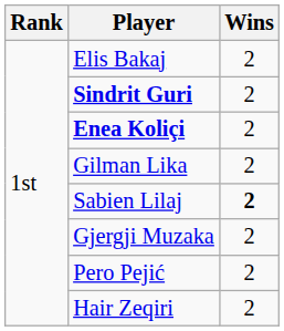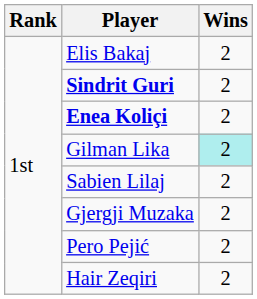 <table class="wikitable">
 <tr>
 <th>Rank</th>
 <th>Player</th>
 <th>Wins</th>
 </tr>
 <tr>
 <td rowspan=8>1st</td>
 <td><a href='#'>Elis Bakaj</a></td>
 <td style="text-align:center;">2</td>
 </tr>
 <tr>
 <td><strong><a href='#'>Sindrit Guri</a></strong></td>
 <td style="text-align:center;">2</td>
 </tr>
 <tr>
 <td><strong><a href='#'>Enea Koliçi</a></strong></td>
 <td style="text-align:center;">2</td>
 </tr>
 <tr>
 <td><a href='#'>Gilman Lika</a></td>
-<td style="text-align:center;">2</td>
+<td style="background: paleturquoise; text-align:center;">2</td>
 </tr>
 <tr>
 <td><a href='#'>Sabien Lilaj</a></td>
-<td style="text-align:center;"><strong>2</strong></td>
+<td style="text-align:center;">2</td>
 </tr>
 <tr>
 <td><a href='#'>Gjergji Muzaka</a></td>
 <td style="text-align:center;">2</td>
 </tr>
 <tr>
 <td><a href='#'>Pero Pejić</a></td>
 <td style="text-align:center;">2</td>
 </tr>
 <tr>
 <td><a href='#'>Hair Zeqiri</a></td>
 <td style="text-align:center;">2</td>
 </tr>
 </table>
